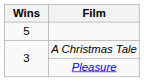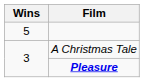 <table class="wikitable plainrowheaders" style="text-align: center;">
 <tr>
 <th scope="col" style="width:55px;">Wins</th>
 <th scope="col">Film</th>
 </tr>
 <tr>
 <td>5</td>
 <td></td>
 </tr>
 <tr>
 <td rowspan="2">3</td>
 <td><em>A Christmas Tale</em></td>
 </tr>
 <tr>
-<td><em><a href='#'>Pleasure</a></em></td>
+<td><strong><em><a href='#'>Pleasure</a></em></strong></td>
 </tr>
 </table>
